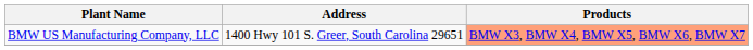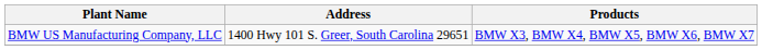 <table class="wikitable">
 <tr>
 <th>Plant Name</th>
 <th>Address</th>
 <th>Products</th>
 </tr>
 <tr --->
 <td><a href='#'>BMW US Manufacturing Company, LLC</a></td>
 <td>1400 Hwy 101 S. <a href='#'>Greer, South Carolina</a> 29651</td>
-<td style="background: lightsalmon;"><a href='#'>BMW X3</a>, <a href='#'>BMW X4</a>, <a href='#'>BMW X5</a>, <a href='#'>BMW X6</a>, <a href='#'>BMW X7</a></td>
+<td><a href='#'>BMW X3</a>, <a href='#'>BMW X4</a>, <a href='#'>BMW X5</a>, <a href='#'>BMW X6</a>, <a href='#'>BMW X7</a></td>
 </tr>
 <tr --->
 </tr>
 <tr --->
 </tr>
 </table>
